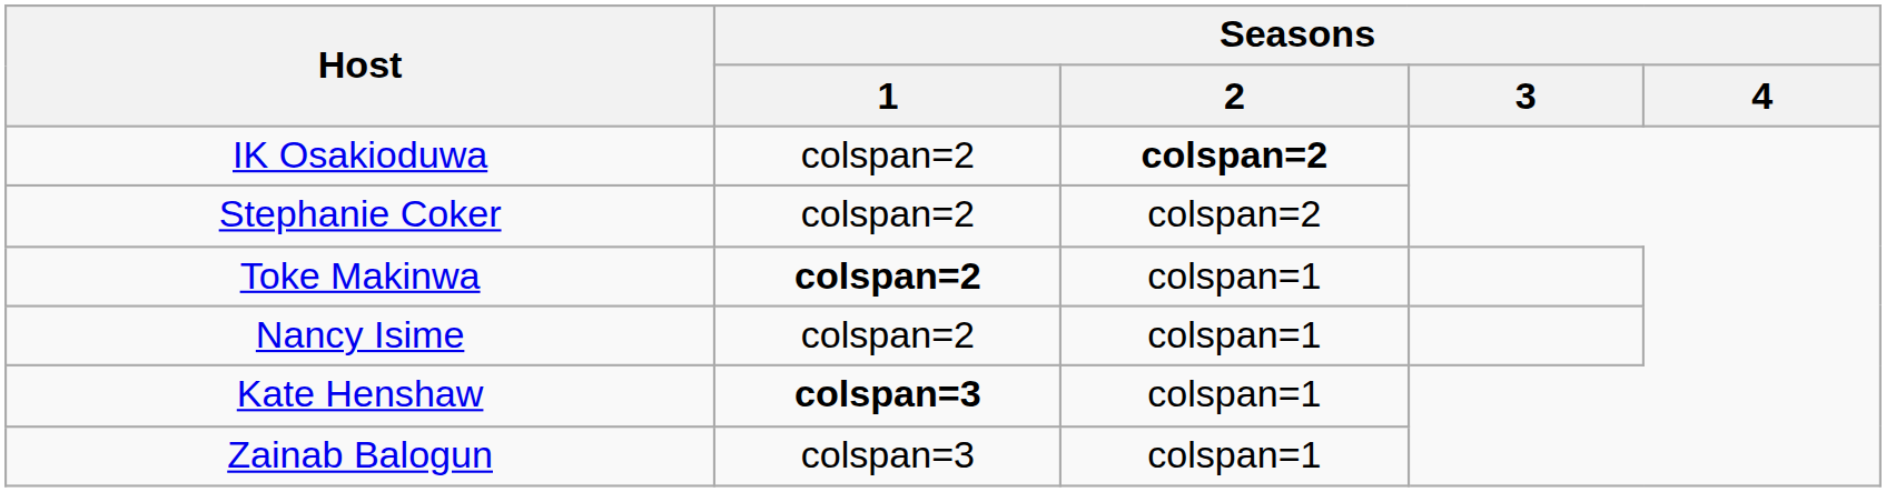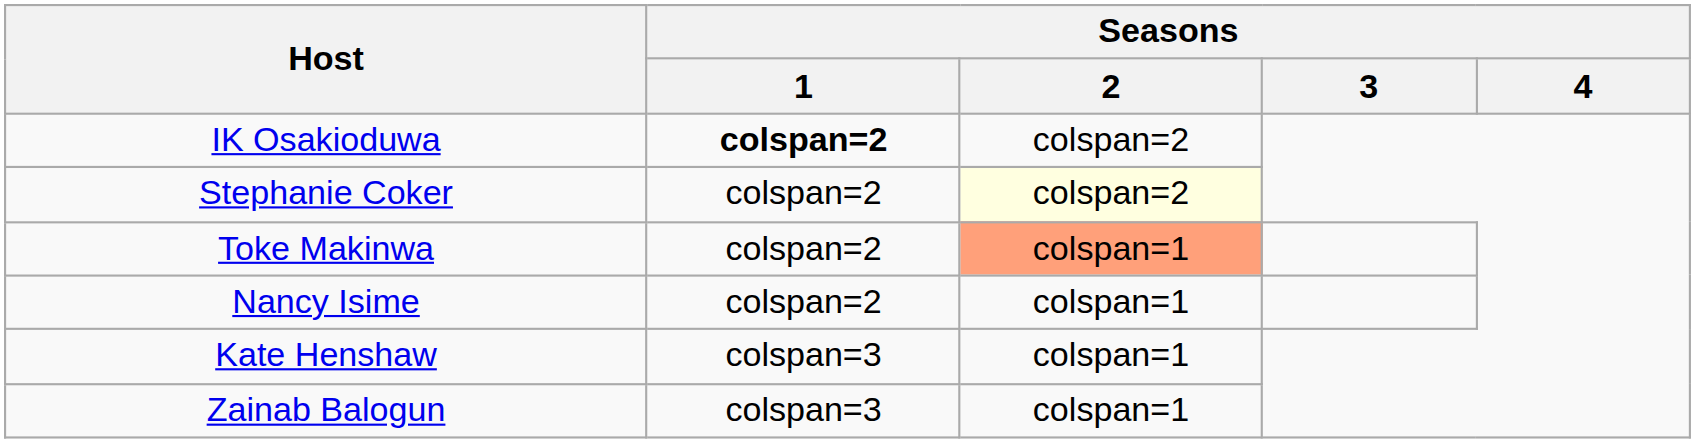 <table class="wikitable" style="text-align:center; width:50%">
 <tr>
 <th rowspan=2 width="15%">Host</th>
 <th colspan="4">Seasons</th>
 </tr>
 <tr>
 <th width="5%">1</th>
 <th width="5%">2</th>
 <th width="5%">3</th>
 <th width="5%">4</th>
 </tr>
 <tr>
 <td><a href='#'>IK Osakioduwa</a></td>
+<td><strong>colspan=2 </strong></td>
 <td>colspan=2 </td>
-<td><strong>colspan=2 </strong></td>
 </tr>
 <tr>
 <td><a href='#'>Stephanie Coker</a></td>
 <td>colspan=2 </td>
-<td>colspan=2  </td>
+<td style="background: lightyellow;">colspan=2  </td>
 </tr>
 <tr>
 <td><a href='#'>Toke Makinwa</a></td>
-<td><strong>colspan=2 </strong></td>
-<td>colspan=1 </td>
+<td>colspan=2 </td>
+<td style="background: lightsalmon;">colspan=1 </td>
 <td></td>
 </tr>
 <tr>
 <td><a href='#'>Nancy Isime</a></td>
 <td>colspan=2 </td>
 <td>colspan=1 </td>
 <td></td>
 </tr>
 <tr>
 <td><a href='#'>Kate Henshaw</a></td>
-<td><strong>colspan=3 </strong></td>
+<td>colspan=3 </td>
 <td>colspan=1 </td>
 </tr>
 <tr>
 <td><a href='#'>Zainab Balogun</a></td>
 <td>colspan=3 </td>
 <td>colspan=1 </td>
 </tr>
 </table>
